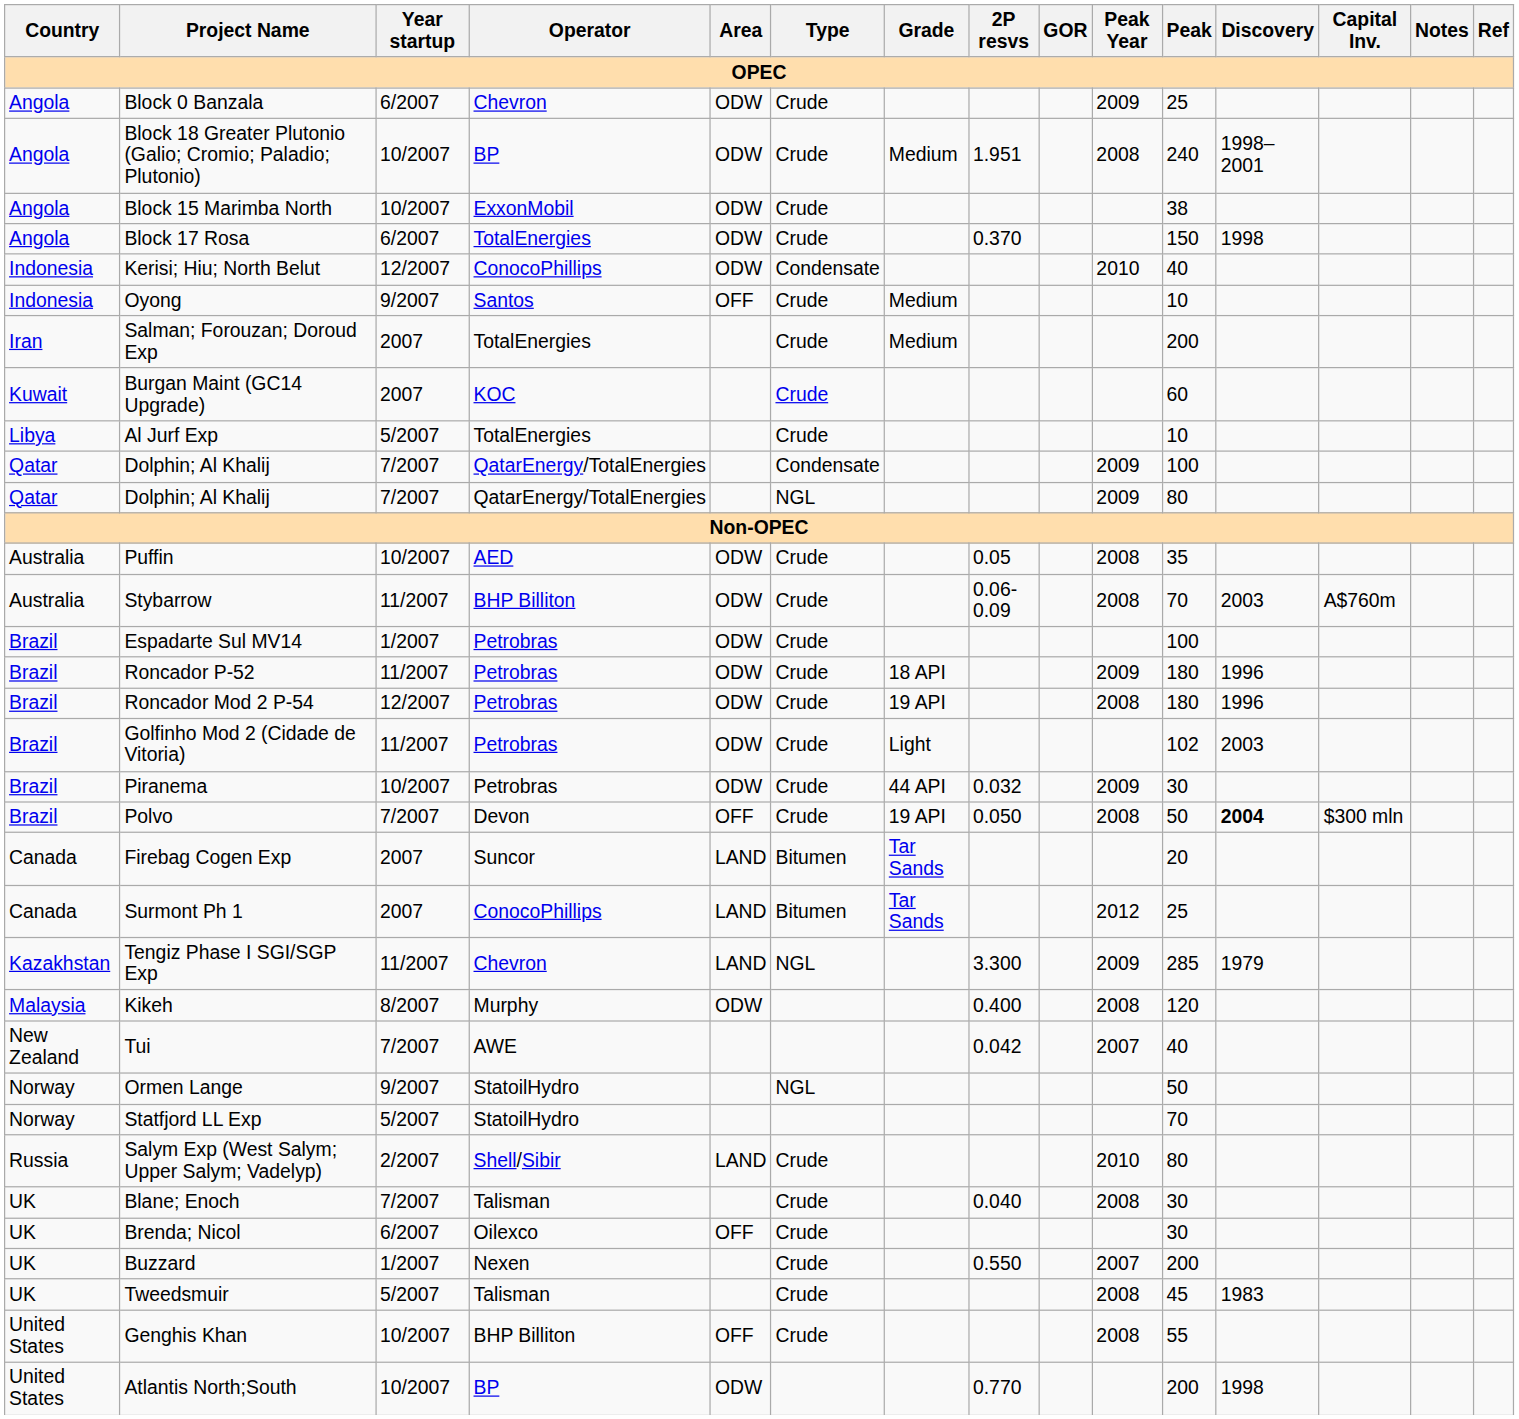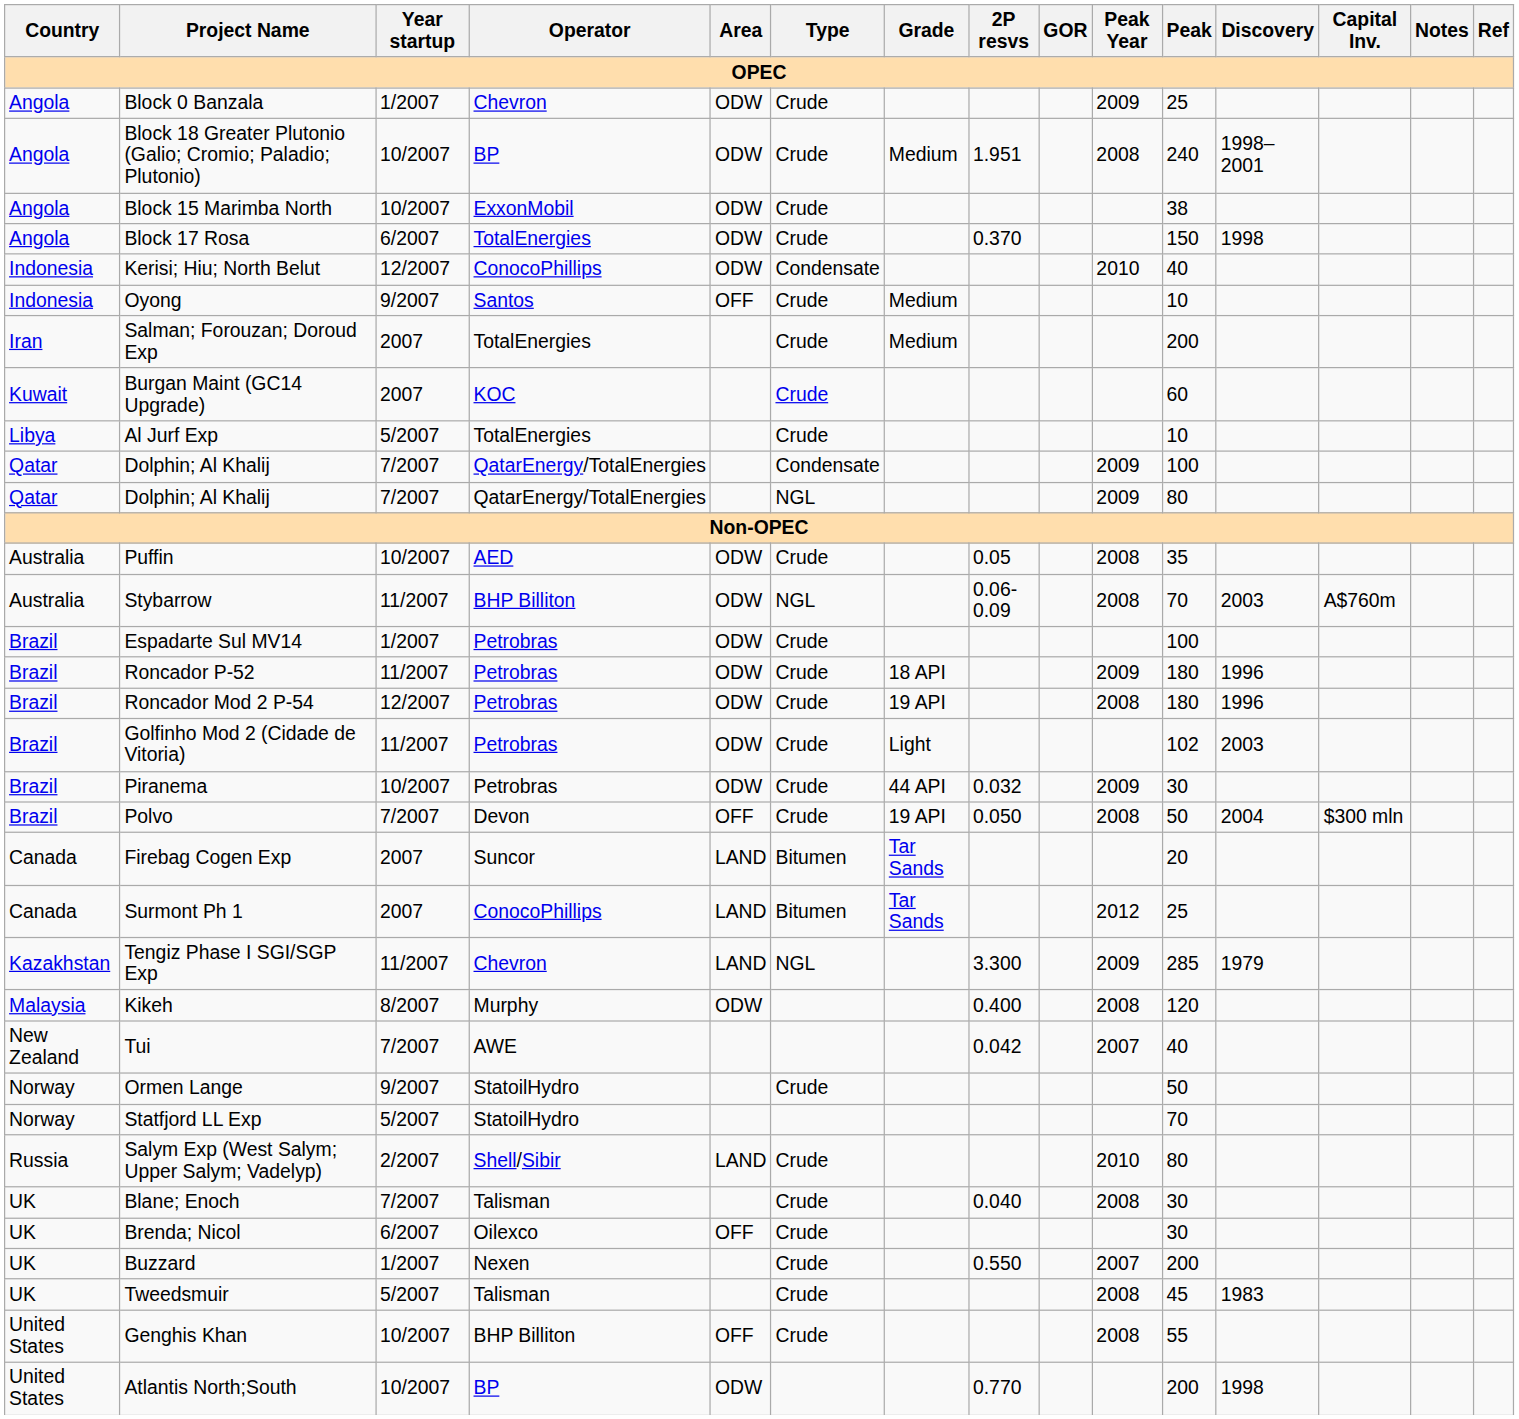 <table class="wikitable">
 <tr>
 <th>Country</th>
 <th>Project Name</th>
 <th>Year startup</th>
 <th>Operator</th>
 <th>Area</th>
 <th>Type</th>
 <th>Grade</th>
 <th>2P resvs</th>
 <th>GOR</th>
 <th>Peak Year</th>
 <th>Peak</th>
 <th>Discovery</th>
 <th>Capital Inv.</th>
 <th>Notes</th>
 <th>Ref</th>
 </tr>
 <tr --->
 <td align="center" colspan="15" style="background:#ffdead;border-top:1px; border-right:1px; border-bottom:2px; border-left:1px;"><strong>OPEC</strong></td>
 </tr>
 <tr --->
 <td><a href='#'>Angola</a></td>
 <td>Block 0 Banzala</td>
-<td>6/2007</td>
+<td>1/2007</td>
 <td><a href='#'>Chevron</a></td>
 <td>ODW</td>
 <td>Crude</td>
 <td></td>
 <td></td>
 <td></td>
 <td>2009</td>
 <td>25</td>
 <td></td>
 <td></td>
 <td></td>
 <td></td>
 </tr>
 <tr --->
 <td><a href='#'>Angola</a></td>
 <td>Block 18 Greater Plutonio (Galio; Cromio; Paladio; Plutonio)</td>
 <td>10/2007</td>
 <td><a href='#'>BP</a></td>
 <td>ODW</td>
 <td>Crude</td>
 <td>Medium</td>
 <td>1.951</td>
 <td></td>
 <td>2008</td>
 <td>240</td>
 <td>1998–2001</td>
 <td></td>
 <td></td>
 <td></td>
 </tr>
 <tr --->
 <td><a href='#'>Angola</a></td>
 <td>Block 15 Marimba North</td>
 <td>10/2007</td>
 <td><a href='#'>ExxonMobil</a></td>
 <td>ODW</td>
 <td>Crude</td>
 <td></td>
 <td></td>
 <td></td>
 <td></td>
 <td>38</td>
 <td></td>
 <td></td>
 <td></td>
 <td></td>
 </tr>
 <tr --->
 <td><a href='#'>Angola</a></td>
 <td>Block 17 Rosa</td>
 <td>6/2007</td>
 <td><a href='#'>TotalEnergies</a></td>
 <td>ODW</td>
 <td>Crude</td>
 <td></td>
 <td>0.370</td>
 <td></td>
 <td></td>
 <td>150</td>
 <td>1998</td>
 <td></td>
 <td></td>
 <td></td>
 </tr>
 <tr --->
 <td><a href='#'>Indonesia</a></td>
 <td>Kerisi; Hiu; North Belut</td>
 <td>12/2007</td>
 <td><a href='#'>ConocoPhillips</a></td>
 <td>ODW</td>
 <td>Condensate</td>
 <td></td>
 <td></td>
 <td></td>
 <td>2010</td>
 <td>40</td>
 <td></td>
 <td></td>
 <td></td>
 <td></td>
 </tr>
 <tr --->
 <td><a href='#'>Indonesia</a></td>
 <td>Oyong</td>
 <td>9/2007</td>
 <td><a href='#'>Santos</a></td>
 <td>OFF</td>
 <td>Crude</td>
 <td>Medium</td>
 <td></td>
 <td></td>
 <td></td>
 <td>10</td>
 <td></td>
 <td></td>
 <td></td>
 <td></td>
 </tr>
 <tr --->
 <td><a href='#'>Iran</a></td>
 <td>Salman; Forouzan; Doroud Exp</td>
 <td>2007</td>
 <td>TotalEnergies</td>
 <td></td>
 <td>Crude</td>
 <td>Medium</td>
 <td></td>
 <td></td>
 <td></td>
 <td>200</td>
 <td></td>
 <td></td>
 <td></td>
 <td></td>
 </tr>
 <tr --->
 <td><a href='#'>Kuwait</a></td>
 <td>Burgan Maint (GC14 Upgrade)</td>
 <td>2007</td>
 <td><a href='#'>KOC</a></td>
 <td></td>
 <td><a href='#'>Crude</a></td>
 <td></td>
 <td></td>
 <td></td>
 <td></td>
 <td>60</td>
 <td></td>
 <td></td>
 <td></td>
 <td></td>
 </tr>
 <tr --->
 <td><a href='#'>Libya</a></td>
 <td>Al Jurf Exp</td>
 <td>5/2007</td>
 <td>TotalEnergies</td>
 <td></td>
 <td>Crude</td>
 <td></td>
 <td></td>
 <td></td>
 <td></td>
 <td>10</td>
 <td></td>
 <td></td>
 <td></td>
 <td></td>
 </tr>
 <tr --->
 <td><a href='#'>Qatar</a></td>
 <td>Dolphin; Al Khalij</td>
 <td>7/2007</td>
 <td><a href='#'>QatarEnergy</a>/TotalEnergies</td>
 <td></td>
 <td>Condensate</td>
 <td></td>
 <td></td>
 <td></td>
 <td>2009</td>
 <td>100</td>
 <td></td>
 <td></td>
 <td></td>
 <td></td>
 </tr>
 <tr --->
 <td><a href='#'>Qatar</a></td>
 <td>Dolphin; Al Khalij</td>
 <td>7/2007</td>
 <td>QatarEnergy/TotalEnergies</td>
 <td></td>
 <td>NGL</td>
 <td></td>
 <td></td>
 <td></td>
 <td>2009</td>
 <td>80</td>
 <td></td>
 <td></td>
 <td></td>
 <td></td>
 </tr>
 <tr --->
 <td align="center" colspan="15" style="background:#ffdead;border-top:1px; border-right:1px; border-bottom:2px; border-left:1px;"><strong>Non-OPEC</strong></td>
 </tr>
 <tr --->
 <td>Australia</td>
 <td>Puffin</td>
 <td>10/2007</td>
 <td><a href='#'>AED</a></td>
 <td>ODW</td>
 <td>Crude</td>
 <td></td>
 <td>0.05</td>
 <td></td>
 <td>2008</td>
 <td>35</td>
 <td></td>
 <td></td>
 <td></td>
 <td></td>
 </tr>
 <tr --->
 <td>Australia</td>
 <td>Stybarrow</td>
 <td>11/2007</td>
 <td><a href='#'>BHP Billiton</a></td>
 <td>ODW</td>
-<td>Crude</td>
+<td>NGL</td>
 <td></td>
 <td>0.06-0.09</td>
 <td></td>
 <td>2008</td>
 <td>70</td>
 <td>2003</td>
 <td>A$760m</td>
 <td></td>
 <td></td>
 </tr>
 <tr --->
 <td><a href='#'>Brazil</a></td>
 <td>Espadarte Sul MV14</td>
 <td>1/2007</td>
 <td><a href='#'>Petrobras</a></td>
 <td>ODW</td>
 <td>Crude</td>
 <td></td>
 <td></td>
 <td></td>
 <td></td>
 <td>100</td>
 <td></td>
 <td></td>
 <td></td>
 <td></td>
 </tr>
 <tr --->
 <td><a href='#'>Brazil</a></td>
 <td>Roncador P-52</td>
 <td>11/2007</td>
 <td><a href='#'>Petrobras</a></td>
 <td>ODW</td>
 <td>Crude</td>
 <td>18 API</td>
 <td></td>
 <td></td>
 <td>2009</td>
 <td>180</td>
 <td>1996</td>
 <td></td>
 <td></td>
 <td></td>
 </tr>
 <tr --->
 <td><a href='#'>Brazil</a></td>
 <td>Roncador Mod 2 P-54</td>
 <td>12/2007</td>
 <td><a href='#'>Petrobras</a></td>
 <td>ODW</td>
 <td>Crude</td>
 <td>19 API</td>
 <td></td>
 <td></td>
 <td>2008</td>
 <td>180</td>
 <td>1996</td>
 <td></td>
 <td></td>
 <td></td>
 </tr>
 <tr ---->
 <td><a href='#'>Brazil</a></td>
 <td>Golfinho Mod 2 (Cidade de Vitoria)</td>
 <td>11/2007</td>
 <td><a href='#'>Petrobras</a></td>
 <td>ODW</td>
 <td>Crude</td>
 <td>Light</td>
 <td></td>
 <td></td>
 <td></td>
 <td>102</td>
 <td>2003</td>
 <td></td>
 <td></td>
 <td></td>
 </tr>
 <tr --->
 <td><a href='#'>Brazil</a></td>
 <td>Piranema</td>
 <td>10/2007</td>
 <td>Petrobras</td>
 <td>ODW</td>
 <td>Crude</td>
 <td>44 API</td>
 <td>0.032</td>
 <td></td>
 <td>2009</td>
 <td>30</td>
 <td></td>
 <td></td>
 <td></td>
 <td></td>
 </tr>
 <tr --->
 <td><a href='#'>Brazil</a></td>
 <td>Polvo</td>
 <td>7/2007</td>
 <td>Devon</td>
 <td>OFF</td>
 <td>Crude</td>
 <td>19 API</td>
 <td>0.050</td>
 <td></td>
 <td>2008</td>
 <td>50</td>
-<td><strong>2004</strong></td>
+<td>2004</td>
 <td>$300 mln</td>
 <td></td>
 <td><br>    </td>
 </tr>
 <tr --->
 <td>Canada</td>
 <td>Firebag Cogen Exp</td>
 <td>2007</td>
 <td>Suncor</td>
 <td>LAND</td>
 <td>Bitumen</td>
 <td><a href='#'>Tar Sands</a></td>
 <td></td>
 <td></td>
 <td></td>
 <td>20</td>
 <td></td>
 <td></td>
 <td></td>
 <td></td>
 </tr>
 <tr --->
 <td>Canada</td>
 <td>Surmont Ph 1</td>
 <td>2007</td>
 <td><a href='#'>ConocoPhillips</a></td>
 <td>LAND</td>
 <td>Bitumen</td>
 <td><a href='#'>Tar Sands</a></td>
 <td></td>
 <td></td>
 <td>2012</td>
 <td>25</td>
 <td></td>
 <td></td>
 <td></td>
 <td></td>
 </tr>
 <tr --->
 <td><a href='#'>Kazakhstan</a></td>
 <td>Tengiz Phase I SGI/SGP Exp</td>
 <td>11/2007</td>
 <td><a href='#'>Chevron</a></td>
 <td>LAND</td>
 <td>NGL</td>
 <td></td>
 <td>3.300</td>
 <td></td>
 <td>2009</td>
 <td>285</td>
 <td>1979</td>
 <td></td>
 <td></td>
 <td></td>
 </tr>
 <tr --->
 <td><a href='#'>Malaysia</a></td>
 <td>Kikeh</td>
 <td>8/2007</td>
 <td>Murphy</td>
 <td>ODW</td>
 <td></td>
 <td></td>
 <td>0.400</td>
 <td></td>
 <td>2008</td>
 <td>120</td>
 <td></td>
 <td></td>
 <td></td>
 <td><br>  </td>
 </tr>
 <tr --->
 <td>New Zealand</td>
 <td>Tui</td>
 <td>7/2007</td>
 <td>AWE</td>
 <td></td>
 <td></td>
 <td></td>
 <td>0.042</td>
 <td></td>
 <td>2007</td>
 <td>40</td>
 <td></td>
 <td></td>
 <td></td>
 <td></td>
 </tr>
 <tr --->
 <td>Norway</td>
 <td>Ormen Lange</td>
 <td>9/2007</td>
 <td>StatoilHydro</td>
 <td></td>
-<td>NGL</td>
+<td>Crude</td>
 <td></td>
 <td></td>
 <td></td>
 <td></td>
 <td>50</td>
 <td></td>
 <td></td>
 <td></td>
 <td></td>
 </tr>
 <tr --->
 <td>Norway</td>
 <td>Statfjord LL Exp</td>
 <td>5/2007</td>
 <td>StatoilHydro</td>
 <td></td>
 <td></td>
 <td></td>
 <td></td>
 <td></td>
 <td></td>
 <td>70</td>
 <td></td>
 <td></td>
 <td></td>
 <td></td>
 </tr>
 <tr --->
 <td>Russia</td>
 <td>Salym Exp (West Salym; Upper Salym; Vadelyp)</td>
 <td>2/2007</td>
 <td><a href='#'>Shell</a>/<a href='#'>Sibir</a></td>
 <td>LAND</td>
 <td>Crude</td>
 <td></td>
 <td></td>
 <td></td>
 <td>2010</td>
 <td>80</td>
 <td></td>
 <td></td>
 <td></td>
 <td></td>
 </tr>
 <tr --->
 <td>UK</td>
 <td>Blane; Enoch</td>
 <td>7/2007</td>
 <td>Talisman</td>
 <td></td>
 <td>Crude</td>
 <td></td>
 <td>0.040</td>
 <td></td>
 <td>2008</td>
 <td>30</td>
 <td></td>
 <td></td>
 <td></td>
 <td></td>
 </tr>
 <tr --->
 <td>UK</td>
 <td>Brenda; Nicol</td>
 <td>6/2007</td>
 <td>Oilexco</td>
 <td>OFF</td>
 <td>Crude</td>
 <td></td>
 <td></td>
 <td></td>
 <td></td>
 <td>30</td>
 <td></td>
 <td></td>
 <td></td>
 <td></td>
 </tr>
 <tr --->
 <td>UK</td>
 <td>Buzzard</td>
 <td>1/2007</td>
 <td>Nexen</td>
 <td></td>
 <td>Crude</td>
 <td></td>
 <td>0.550</td>
 <td></td>
 <td>2007</td>
 <td>200</td>
 <td></td>
 <td></td>
 <td></td>
 <td></td>
 </tr>
 <tr --->
 <td>UK</td>
 <td>Tweedsmuir</td>
 <td>5/2007</td>
 <td>Talisman</td>
 <td></td>
 <td>Crude</td>
 <td></td>
 <td></td>
 <td></td>
 <td>2008</td>
 <td>45</td>
 <td>1983</td>
 <td></td>
 <td></td>
 <td></td>
 </tr>
 <tr --->
 <td>United States</td>
 <td>Genghis Khan</td>
 <td>10/2007</td>
 <td>BHP Billiton</td>
 <td>OFF</td>
 <td>Crude</td>
 <td></td>
 <td></td>
 <td></td>
 <td>2008</td>
 <td>55</td>
 <td></td>
 <td></td>
 <td></td>
 <td></td>
 </tr>
 <tr --->
 <td>United States</td>
 <td>Atlantis North;South</td>
 <td>10/2007</td>
 <td><a href='#'>BP</a></td>
 <td>ODW</td>
 <td></td>
 <td></td>
 <td>0.770</td>
 <td></td>
 <td></td>
 <td>200</td>
 <td>1998</td>
 <td></td>
 <td></td>
 <td></td>
 </tr>
 </table>
